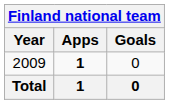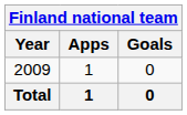 <table class="wikitable" style="text-align:center">
 <tr>
 <th colspan=3><a href='#'>Finland national team</a></th>
 </tr>
 <tr>
 <th>Year</th>
 <th>Apps</th>
 <th>Goals</th>
 </tr>
 <tr>
 <td>2009</td>
-<td><strong>1</strong></td>
+<td>1</td>
 <td>0</td>
 </tr>
 <tr>
 <th>Total</th>
 <th>1</th>
 <th>0</th>
 </tr>
 </table>
